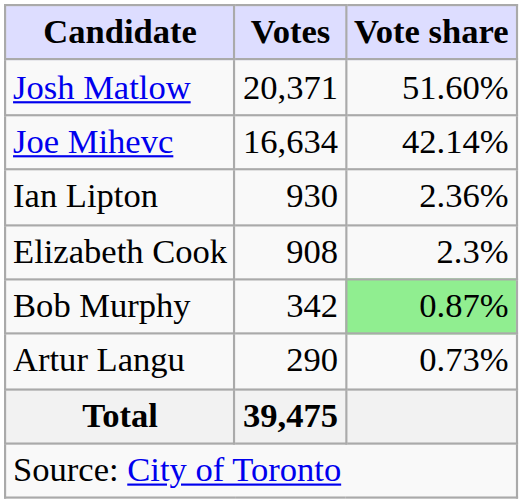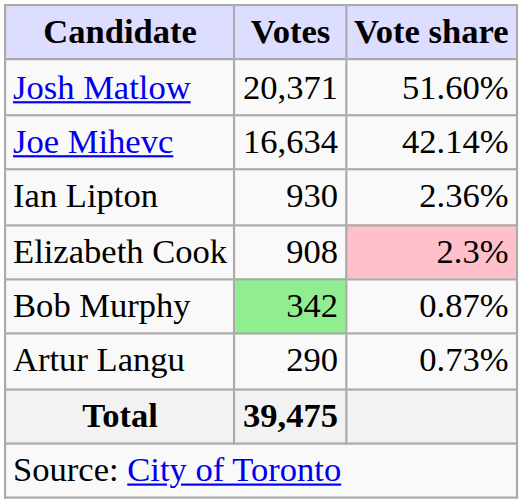 <table class="wikitable plainrowheaders">
 <tr>
 <th scope="col" style="background:#ddf;">Candidate</th>
 <th scope="col" style="background:#ddf;">Votes</th>
 <th scope="col" style="background:#ddf;">Vote share</th>
 </tr>
 <tr>
 <td scope="row"><a href='#'>Josh Matlow</a></td>
 <td align="right">20,371</td>
 <td align="right">51.60%</td>
 </tr>
 <tr>
 <td scope="row"><a href='#'>Joe Mihevc</a></td>
 <td align="right">16,634</td>
 <td align="right">42.14%</td>
 </tr>
 <tr>
 <td scope="row">Ian Lipton</td>
 <td align="right">930</td>
 <td align="right">2.36%</td>
 </tr>
 <tr>
 <td scope="row">Elizabeth Cook</td>
 <td align="right">908</td>
-<td align="right">2.3%</td>
+<td align="right" style="background: pink;">2.3%</td>
 </tr>
 <tr>
 <td scope="row">Bob Murphy</td>
-<td align="right">342</td>
-<td align="right" style="background: lightgreen;">0.87%</td>
+<td align="right" style="background: lightgreen;">342</td>
+<td align="right">0.87%</td>
 </tr>
 <tr>
 <td scope="row">Artur Langu</td>
 <td align="right">290</td>
 <td align="right">0.73%</td>
 </tr>
 <tr>
 <th scope="row"><strong>Total</strong></th>
 <th align="right">39,475</th>
 <th align="right"></th>
 </tr>
 <tr>
 <td colspan="3">Source: <a href='#'>City of Toronto</a></td>
 </tr>
 </table>
